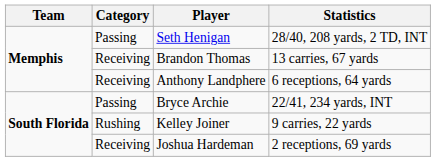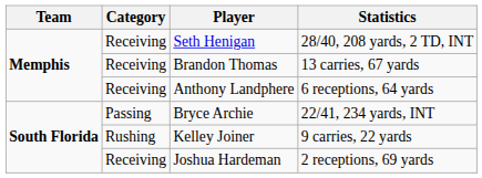 <table class="wikitable" style="float: right;">
 <tr>
 <th>Team</th>
 <th>Category</th>
 <th>Player</th>
 <th>Statistics</th>
 </tr>
 <tr>
 <td rowspan=3><strong>Memphis</strong></td>
-<td>Passing</td>
+<td>Receiving</td>
 <td><a href='#'>Seth Henigan</a></td>
 <td>28/40, 208 yards, 2 TD, INT</td>
 </tr>
 <tr>
 <td>Receiving</td>
 <td>Brandon Thomas</td>
 <td>13 carries, 67 yards</td>
 </tr>
 <tr>
 <td>Receiving</td>
 <td>Anthony Landphere</td>
 <td>6 receptions, 64 yards</td>
 </tr>
 <tr>
 <td rowspan=3><strong>South Florida</strong></td>
 <td>Passing</td>
 <td>Bryce Archie</td>
 <td>22/41, 234 yards, INT</td>
 </tr>
 <tr>
 <td>Rushing</td>
 <td>Kelley Joiner</td>
 <td>9 carries, 22 yards</td>
 </tr>
 <tr>
 <td>Receiving</td>
 <td>Joshua Hardeman</td>
 <td>2 receptions, 69 yards</td>
 </tr>
 </table>
